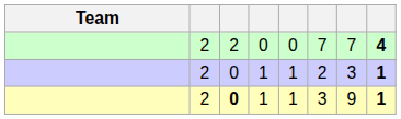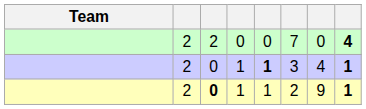 <table class="wikitable" style="text-align:center;">
 <tr>
 <th width=165>Team</th>
 <th width=20></th>
 <th width=20></th>
 <th width=20></th>
 <th width=20></th>
 <th width=20></th>
 <th width=20></th>
 <th width=20></th>
 </tr>
 <tr style="background:#cfc;">
 <td align="left"></td>
 <td>2</td>
 <td>2</td>
 <td>0</td>
 <td>0</td>
 <td>7</td>
-<td>7</td>
+<td>0</td>
 <td><strong>4</strong></td>
 </tr>
 <tr style="background:#ccccff;">
 <td align="left"></td>
 <td>2</td>
 <td>0</td>
 <td>1</td>
-<td>1</td>
-<td>2</td>
+<td><strong>1</strong></td>
 <td>3</td>
+<td>4</td>
 <td><strong>1</strong></td>
 </tr>
 <tr style="background:#FFFFBB">
 <td align="left"></td>
 <td>2</td>
 <td><strong>0</strong></td>
 <td>1</td>
 <td>1</td>
-<td>3</td>
+<td>2</td>
 <td>9</td>
 <td><strong>1</strong></td>
 </tr>
 </table>
